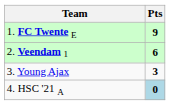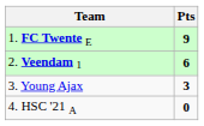 <table class="wikitable" style="text-align:center; float:left; margin-right:1em">
 <tr>
 <th style="width:200px">Team</th>
 <th width=20>Pts</th>
 </tr>
 <tr bgcolor=ccffcc>
 <td align=left>1. <strong><a href='#'>FC Twente</a></strong> <sub>E</sub></td>
 <td><strong>9</strong></td>
 </tr>
 <tr bgcolor=ccffcc>
 <td align=left>2. <strong><a href='#'>Veendam</a></strong> <sub>1</sub></td>
 <td><strong>6</strong></td>
 </tr>
 <tr>
 <td align=left>3. <a href='#'>Young Ajax</a></td>
 <td><strong>3</strong></td>
 </tr>
 <tr>
 <td align=left>4. HSC '21 <sub>A</sub></td>
-<td style="background: lightblue;"><strong>0</strong></td>
+<td><strong>0</strong></td>
 </tr>
 </table>
